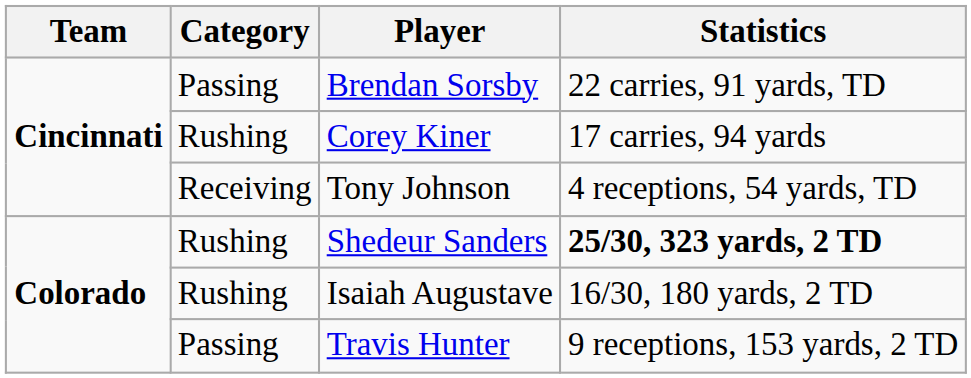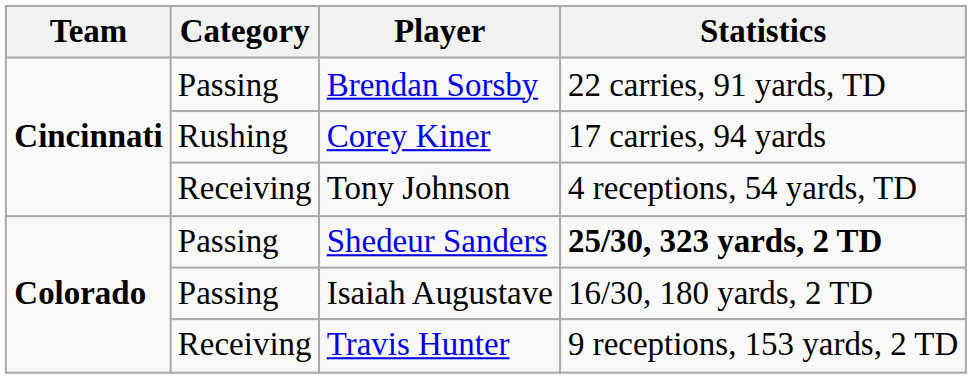 <table class="wikitable" style="float: right;">
 <tr>
 <th>Team</th>
 <th>Category</th>
 <th>Player</th>
 <th>Statistics</th>
 </tr>
 <tr>
 <td rowspan=3><strong>Cincinnati</strong></td>
 <td>Passing</td>
 <td><a href='#'>Brendan Sorsby</a></td>
 <td>22 carries, 91 yards, TD</td>
 </tr>
 <tr>
 <td>Rushing</td>
 <td><a href='#'>Corey Kiner</a></td>
 <td>17 carries, 94 yards</td>
 </tr>
 <tr>
 <td>Receiving</td>
 <td>Tony Johnson</td>
 <td>4 receptions, 54 yards, TD</td>
 </tr>
 <tr>
 <td rowspan=3><strong>Colorado</strong></td>
-<td>Rushing</td>
+<td>Passing</td>
 <td><a href='#'>Shedeur Sanders</a></td>
 <td><strong>25/30, 323 yards, 2 TD</strong></td>
 </tr>
 <tr>
-<td>Rushing</td>
+<td>Passing</td>
 <td>Isaiah Augustave</td>
 <td>16/30, 180 yards, 2 TD</td>
 </tr>
 <tr>
-<td>Passing</td>
+<td>Receiving</td>
 <td><a href='#'>Travis Hunter</a></td>
 <td>9 receptions, 153 yards, 2 TD</td>
 </tr>
 </table>
